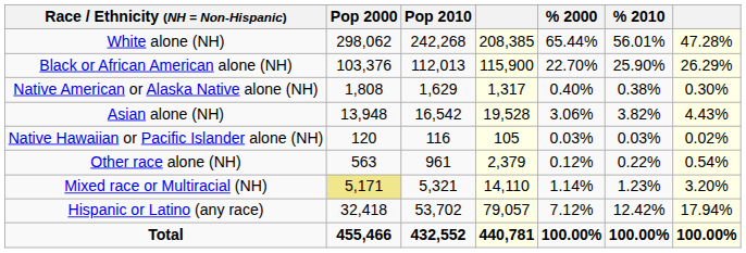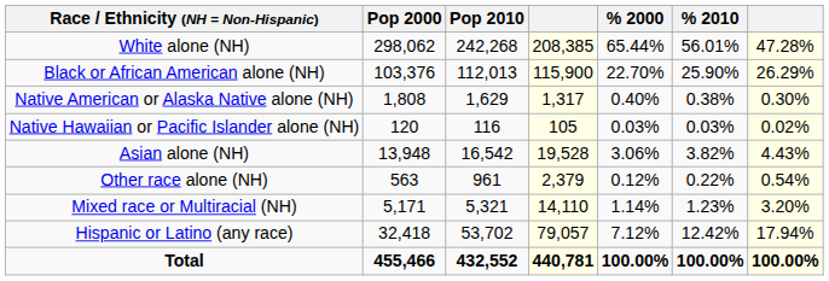 <table class="wikitable" style="text-align:center;">
 <tr>
 <th>Race / Ethnicity <small>(<em>NH = Non-Hispanic</em>)</small></th>
 <th>Pop 2000</th>
 <th>Pop 2010</th>
 <th></th>
 <th>% 2000</th>
 <th>% 2010</th>
 <th></th>
 </tr>
 <tr>
 <td><a href='#'>White</a> alone (NH)</td>
 <td>298,062</td>
 <td>242,268</td>
 <td style='background: #ffffe6;'>208,385</td>
 <td>65.44%</td>
 <td>56.01%</td>
 <td style='background: #ffffe6;'>47.28%</td>
 </tr>
 <tr>
 <td><a href='#'>Black or African American</a> alone (NH)</td>
 <td>103,376</td>
 <td>112,013</td>
 <td style='background: #ffffe6;'>115,900</td>
 <td>22.70%</td>
 <td>25.90%</td>
 <td style='background: #ffffe6;'>26.29%</td>
 </tr>
 <tr>
 <td><a href='#'>Native American</a> or <a href='#'>Alaska Native</a> alone (NH)</td>
 <td>1,808</td>
 <td>1,629</td>
 <td style='background: #ffffe6;'>1,317</td>
 <td>0.40%</td>
 <td>0.38%</td>
 <td style='background: #ffffe6;'>0.30%</td>
 </tr>
 <tr>
+<td><a href='#'>Native Hawaiian</a> or <a href='#'>Pacific Islander</a> alone (NH)</td>
+<td>120</td>
+<td>116</td>
+<td style='background: #ffffe6;'>105</td>
+<td>0.03%</td>
+<td>0.03%</td>
+<td style='background: #ffffe6;'>0.02%</td>
+</tr>
+<tr>
 <td><a href='#'>Asian</a> alone (NH)</td>
 <td>13,948</td>
 <td>16,542</td>
 <td style='background: #ffffe6;'>19,528</td>
 <td>3.06%</td>
 <td>3.82%</td>
 <td style='background: #ffffe6;'>4.43%</td>
-</tr>
-<tr>
-<td><a href='#'>Native Hawaiian</a> or <a href='#'>Pacific Islander</a> alone (NH)</td>
-<td>120</td>
-<td>116</td>
-<td style='background: #ffffe6;'>105</td>
-<td>0.03%</td>
-<td>0.03%</td>
-<td style='background: #ffffe6;'>0.02%</td>
 </tr>
 <tr>
 <td><a href='#'>Other race</a> alone (NH)</td>
 <td>563</td>
 <td>961</td>
 <td style='background: #ffffe6;'>2,379</td>
 <td>0.12%</td>
 <td>0.22%</td>
 <td style='background: #ffffe6;'>0.54%</td>
 </tr>
 <tr>
 <td><a href='#'>Mixed race or Multiracial</a> (NH)</td>
-<td style="background: khaki;">5,171</td>
+<td>5,171</td>
 <td>5,321</td>
 <td style='background: #ffffe6;'>14,110</td>
 <td>1.14%</td>
 <td>1.23%</td>
 <td style='background: #ffffe6;'>3.20%</td>
 </tr>
 <tr>
 <td><a href='#'>Hispanic or Latino</a> (any race)</td>
 <td>32,418</td>
 <td>53,702</td>
 <td style='background: #ffffe6;'>79,057</td>
 <td>7.12%</td>
 <td>12.42%</td>
 <td style='background: #ffffe6;'>17.94%</td>
 </tr>
 <tr>
 <td><strong>Total</strong></td>
 <td><strong>455,466</strong></td>
 <td><strong>432,552</strong></td>
 <td style='background: #ffffe6;'><strong>440,781</strong></td>
 <td><strong>100.00%</strong></td>
 <td><strong>100.00%</strong></td>
 <td style='background: #ffffe6;'><strong>100.00%</strong></td>
 </tr>
 </table>
